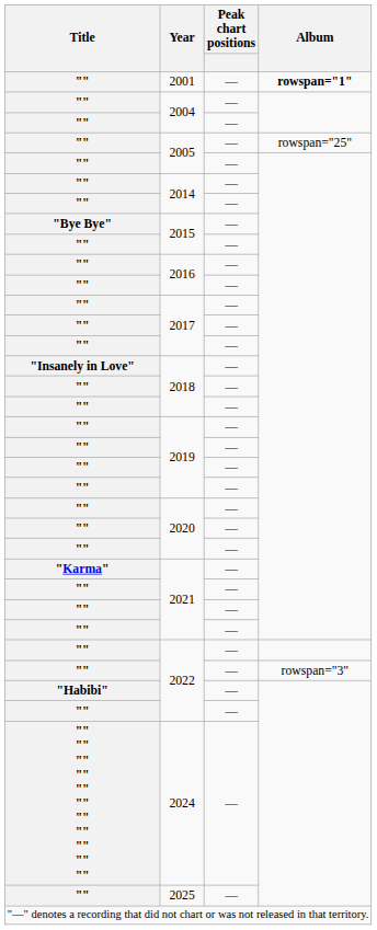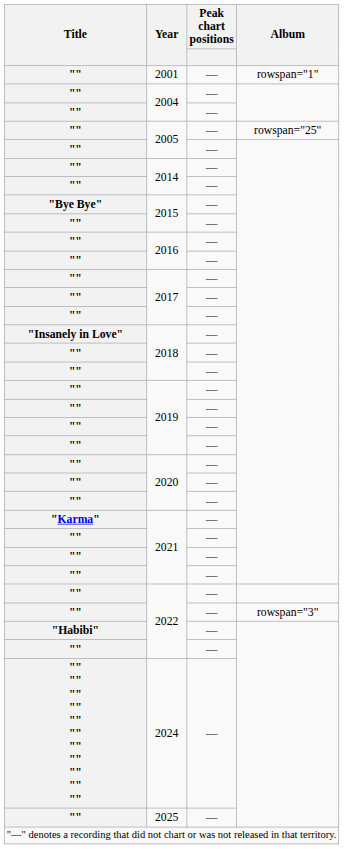 <table class="wikitable plainrowheaders" style="text-align:center;">
 <tr>
 <th scope="col" rowspan="2">Title</th>
 <th scope="col" rowspan="2">Year</th>
 <th scope="col" colspan="1">Peak<br>chart<br>positions</th>
 <th scope="col" rowspan="2">Album</th>
 </tr>
 <tr>
 <th style="width:3em; font-size:85%;"><a href='#'></a><br></th>
 </tr>
 <tr>
 <th scope="row">""</th>
 <td>2001</td>
 <td>—</td>
-<td><strong>rowspan="1" </strong></td>
+<td>rowspan="1" </td>
 </tr>
 <tr>
 <th scope="row">""</th>
 <td rowspan="2">2004</td>
 <td>—</td>
 <td rowspan="2"></td>
 </tr>
 <tr>
 <th scope="row">""</th>
 <td>—</td>
 </tr>
 <tr>
 <th scope="row">""</th>
 <td rowspan="2">2005</td>
 <td>—</td>
 <td>rowspan="25" </td>
 </tr>
 <tr>
 <th scope="row">""<br></th>
 <td>—</td>
 </tr>
 <tr>
 <th scope="row">""</th>
 <td rowspan="2">2014</td>
 <td>—</td>
 </tr>
 <tr>
 <th scope="row">""</th>
 <td>—</td>
 </tr>
 <tr>
 <th scope="row">"Bye Bye"<br></th>
 <td rowspan="2">2015</td>
 <td>—</td>
 </tr>
 <tr>
 <th scope="row">""</th>
 <td>—</td>
 </tr>
 <tr>
 <th scope="row">""<br></th>
 <td rowspan="2">2016</td>
 <td>—</td>
 </tr>
 <tr>
 <th scope="row">""</th>
 <td>—</td>
 </tr>
 <tr>
 <th scope="row">""<br></th>
 <td rowspan="3">2017</td>
 <td>—</td>
 </tr>
 <tr>
 <th scope="row">""</th>
 <td>—</td>
 </tr>
 <tr>
 <th scope="row">""</th>
 <td>—</td>
 </tr>
 <tr>
 <th scope="row">"Insanely in Love"<br></th>
 <td rowspan="3">2018</td>
 <td>—</td>
 </tr>
 <tr>
 <th scope="row">""</th>
 <td>—</td>
 </tr>
 <tr>
 <th scope="row">""</th>
 <td>—</td>
 </tr>
 <tr>
 <th scope="row">""<br></th>
 <td rowspan="4">2019</td>
 <td>—</td>
 </tr>
 <tr>
 <th scope="row">""</th>
 <td>—</td>
 </tr>
 <tr>
 <th scope="row">""</th>
 <td>—</td>
 </tr>
 <tr>
 <th scope="row">""</th>
 <td>—</td>
 </tr>
 <tr>
 <th scope="row">""<br></th>
 <td rowspan="3">2020</td>
 <td>—</td>
 </tr>
 <tr>
 <th scope="row">""</th>
 <td>—</td>
 </tr>
 <tr>
 <th scope="row">""</th>
 <td>—</td>
 </tr>
 <tr>
 <th scope="row">"<a href='#'>Karma</a>"</th>
 <td rowspan="4">2021</td>
 <td>—</td>
 </tr>
 <tr>
 <th scope="row">""</th>
 <td>—</td>
 </tr>
 <tr>
 <th scope="row">""<br></th>
 <td>—</td>
 </tr>
 <tr>
 <th scope="row">""<br></th>
 <td>—</td>
 </tr>
 <tr>
 <th scope="row">""</th>
 <td rowspan="4">2022</td>
 <td>—</td>
 <td rowspan="1"></td>
 </tr>
 <tr>
 <th scope="row">""</th>
 <td>—</td>
 <td>rowspan="3" </td>
 </tr>
 <tr>
 <th scope="row">"Habibi"<br></th>
 <td>—</td>
 </tr>
 <tr>
 <th scope="row">""</th>
 <td>—</td>
 </tr>
 <tr>
 <th scope="row">""<br>""<br> ""<br> ""<br> ""<br> ""<br> ""<br> ""<br> ""<br> ""<br> ""</th>
 <td>2024</td>
 <td>—</td>
 </tr>
 <tr>
 <th scope="row">""</th>
 <td>2025</td>
 <td>—</td>
 </tr>
 <tr>
 <td colspan="5" style="font-size:90%">"—" denotes a recording that did not chart or was not released in that territory.</td>
 </tr>
 </table>
